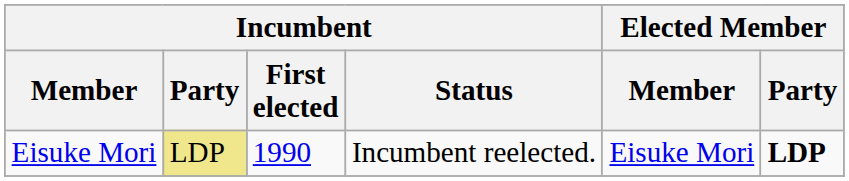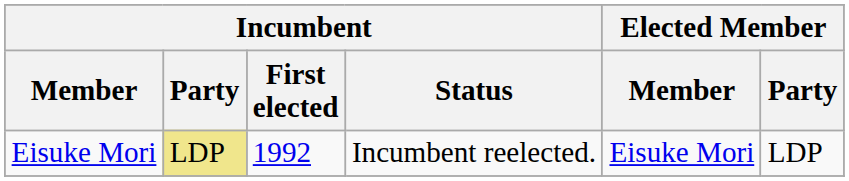 <table class="wikitable sortable">
 <tr>
 <th colspan=4>Incumbent</th>
 <th colspan=2>Elected Member</th>
 </tr>
 <tr>
 <th>Member</th>
 <th>Party</th>
 <th>First<br>elected</th>
 <th>Status</th>
 <th>Member</th>
 <th>Party</th>
 </tr>
 <tr>
 <td><a href='#'>Eisuke Mori</a></td>
 <td style="background: khaki;">LDP</td>
-<td><a href='#'>1990</a></td>
+<td><a href='#'>1992</a></td>
 <td>Incumbent reelected.</td>
 <td><a href='#'>Eisuke Mori</a></td>
-<td><strong>LDP</strong></td>
+<td>LDP</td>
 </tr>
 </table>
